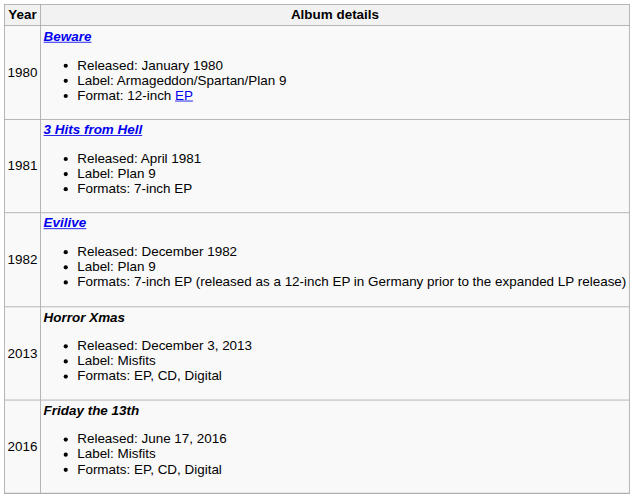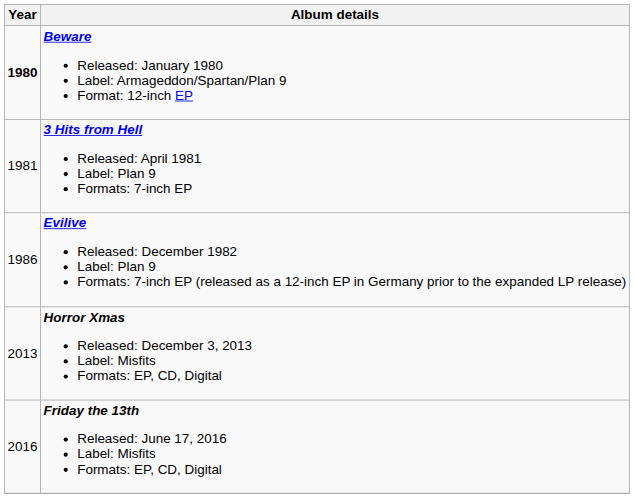 <table class ="wikitable">
 <tr>
 <th>Year</th>
 <th>Album details</th>
 </tr>
 <tr>
-<td>1980</td>
+<td><strong>1980</strong></td>
 <td><strong><em><a href='#'>Beware</a></em></strong><br><ul><li>Released: January 1980</li><li>Label: Armageddon/Spartan/Plan 9</li><li>Format: 12-inch <a href='#'>EP</a></li></ul></td>
 </tr>
 <tr>
 <td>1981</td>
 <td><strong><em><a href='#'>3 Hits from Hell</a></em></strong><br><ul><li>Released: April 1981</li><li>Label: Plan 9</li><li>Formats: 7-inch EP</li></ul></td>
 </tr>
 <tr>
-<td>1982</td>
+<td>1986</td>
 <td><strong><em><a href='#'>Evilive</a></em></strong><br><ul><li>Released: December 1982</li><li>Label: Plan 9</li><li>Formats: 7-inch EP (released as a 12-inch EP in Germany prior to the expanded LP release)</li></ul></td>
 </tr>
 <tr>
 <td>2013</td>
 <td><strong><em>Horror Xmas</em></strong><br><ul><li>Released: December 3, 2013</li><li>Label: Misfits</li><li>Formats: EP, CD, Digital</li></ul></td>
 </tr>
 <tr>
 <td>2016</td>
 <td><strong><em>Friday the 13th</em></strong><br><ul><li>Released: June 17, 2016</li><li>Label: Misfits</li><li>Formats: EP, CD, Digital</li></ul></td>
 </tr>
 <tr>
 </tr>
 </table>
